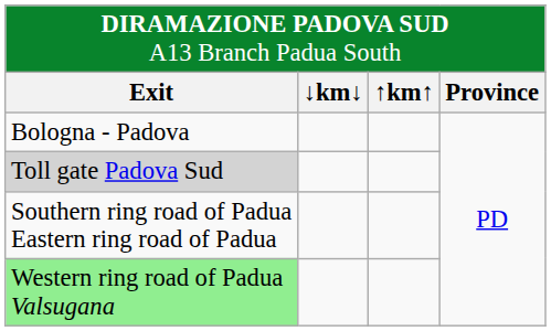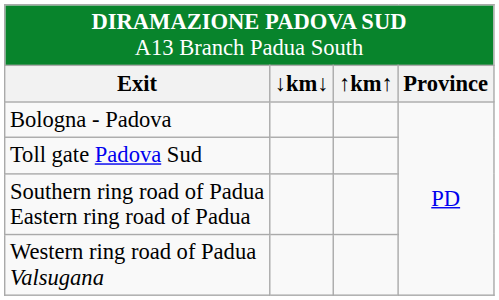 <table class="wikitable">
 <tr align="center" style="color: white;" bgcolor="#08842c">
 <td colspan="6"><strong> DIRAMAZIONE PADOVA SUD</strong><br>A13 Branch Padua South</td>
 </tr>
 <tr>
 <th><strong>Exit</strong></th>
 <th align="center"><strong>↓km↓</strong></th>
 <th align="center"><strong>↑km↑</strong></th>
 <th align="center"><strong>Province</strong></th>
 </tr>
 <tr>
 <td>  Bologna - Padova</td>
 <td align="right"></td>
 <td align="right"></td>
 <td rowspan=4 align="center"><a href='#'>PD</a></td>
 </tr>
 <tr>
-<td style="background: lightgrey;"> Toll gate <a href='#'>Padova</a> Sud</td>
+<td> Toll gate <a href='#'>Padova</a> Sud</td>
 <td align="right"></td>
 <td align="right"></td>
 </tr>
 <tr |>
 <td> <small></small> Southern ring road of Padua<br><small></small> Eastern ring road of Padua</td>
 <td align="right"></td>
 <td align="right"></td>
 </tr>
 <tr>
-<td style="background: lightgreen;"> <small></small> Western ring road of Padua<br><small> </small> <em>Valsugana</em></td>
+<td> <small></small> Western ring road of Padua<br><small> </small> <em>Valsugana</em></td>
 <td align="right"></td>
 <td align="right"></td>
 </tr>
 </table>
